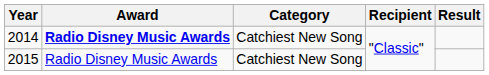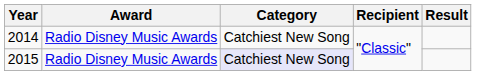 <table class="wikitable">
 <tr>
 <th>Year</th>
 <th>Award</th>
 <th>Category</th>
 <th>Recipient</th>
 <th>Result</th>
 </tr>
 <tr>
 <td>2014</td>
-<td><strong><a href='#'>Radio Disney Music Awards</a></strong></td>
+<td><a href='#'>Radio Disney Music Awards</a></td>
 <td>Catchiest New Song</td>
 <td rowspan="2">"<a href='#'>Classic</a>"</td>
 <td></td>
 </tr>
 <tr>
 <td>2015</td>
 <td><a href='#'>Radio Disney Music Awards</a></td>
-<td>Catchiest New Song</td>
+<td style="background: lavender;">Catchiest New Song</td>
 <td></td>
 </tr>
 </table>
